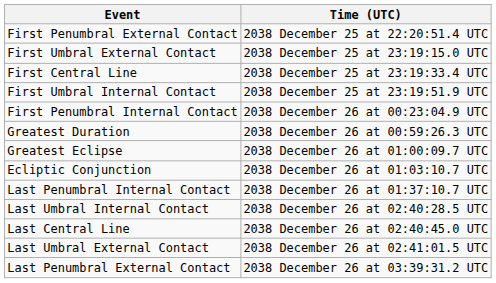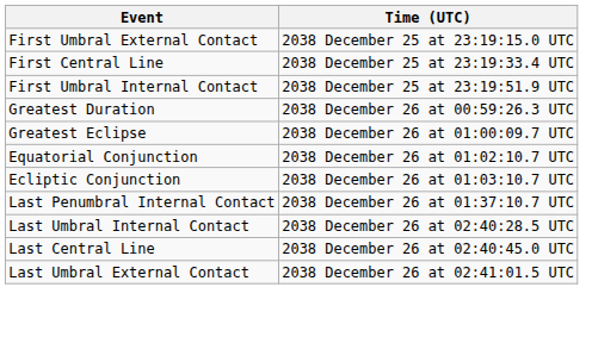 <table class="wikitable">
 <tr>
 <th>Event</th>
 <th>Time (UTC)</th>
-</tr>
-<tr>
-<td>First Penumbral External Contact</td>
-<td>2038 December 25 at 22:20:51.4 UTC</td>
 </tr>
 <tr>
 <td>First Umbral External Contact</td>
 <td>2038 December 25 at 23:19:15.0 UTC</td>
 </tr>
 <tr>
 <td>First Central Line</td>
 <td>2038 December 25 at 23:19:33.4 UTC</td>
 </tr>
 <tr>
 <td>First Umbral Internal Contact</td>
 <td>2038 December 25 at 23:19:51.9 UTC</td>
 </tr>
 <tr>
-<td>First Penumbral Internal Contact</td>
-<td>2038 December 26 at 00:23:04.9 UTC</td>
-</tr>
-<tr>
 <td>Greatest Duration</td>
 <td>2038 December 26 at 00:59:26.3 UTC</td>
 </tr>
 <tr>
 <td>Greatest Eclipse</td>
 <td>2038 December 26 at 01:00:09.7 UTC</td>
+</tr>
+<tr>
+<td>Equatorial Conjunction</td>
+<td>2038 December 26 at 01:02:10.7 UTC</td>
 </tr>
 <tr>
 <td>Ecliptic Conjunction</td>
 <td>2038 December 26 at 01:03:10.7 UTC</td>
 </tr>
 <tr>
 <td>Last Penumbral Internal Contact</td>
 <td>2038 December 26 at 01:37:10.7 UTC</td>
 </tr>
 <tr>
 <td>Last Umbral Internal Contact</td>
 <td>2038 December 26 at 02:40:28.5 UTC</td>
 </tr>
 <tr>
 <td>Last Central Line</td>
 <td>2038 December 26 at 02:40:45.0 UTC</td>
 </tr>
 <tr>
 <td>Last Umbral External Contact</td>
 <td>2038 December 26 at 02:41:01.5 UTC</td>
 </tr>
-<tr>
-<td>Last Penumbral External Contact</td>
-<td>2038 December 26 at 03:39:31.2 UTC</td>
-</tr>
 </table>
